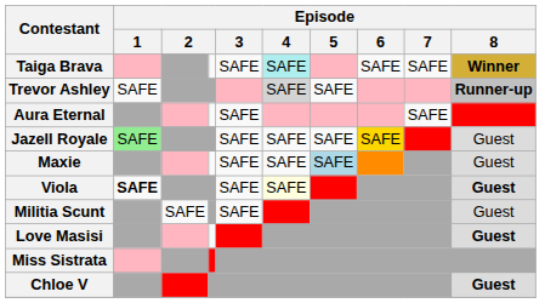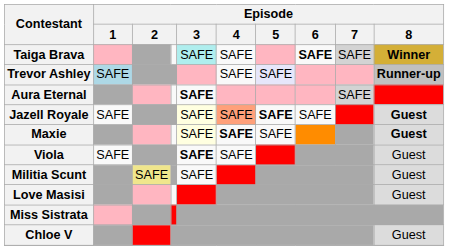 <table class="wikitable" style="text-align:center">
 <tr>
 <th scope="col" rowspan="2">Contestant</th>
 <th scope="col" colspan="10">Episode</th>
 </tr>
 <tr>
 <th scope="col">1</th>
 <th scope="col" colspan="2">2</th>
 <th scope="col">3</th>
 <th scope="col">4</th>
 <th scope="col">5</th>
 <th scope="col">6</th>
 <th scope="col">7</th>
 <th scope="col">8</th>
 </tr>
 <tr>
 <th scope="row">Taiga Brava</th>
 <td bgcolor="lightpink"></td>
 <td bgcolor="darkgray"></td>
 <td></td>
+<td style="background: paleturquoise;">SAFE</td>
 <td>SAFE</td>
-<td style="background: paleturquoise;">SAFE</td>
 <td bgcolor="lightpink"></td>
-<td>SAFE</td>
-<td>SAFE</td>
+<td><strong>SAFE</strong></td>
+<td style="background: lightgrey;">SAFE</td>
 <td bgcolor="#D4AF37"><strong>Winner</strong></td>
 </tr>
 <tr>
 <th scope="row" nowrap>Trevor Ashley</th>
-<td>SAFE</td>
+<td style="background: lightblue;">SAFE</td>
 <td bgcolor="darkgray" colspan="2"></td>
 <td bgcolor="lightpink"></td>
-<td style="background: lightgrey;">SAFE</td>
 <td>SAFE</td>
+<td style="background: lavender;">SAFE</td>
 <td bgcolor="lightpink"></td>
 <td bgcolor="lightpink"></td>
 <td bgcolor="silver" nowrap><strong>Runner-up</strong></td>
 </tr>
 <tr>
 <th scope="row">Aura Eternal</th>
 <td bgcolor="darkgray"></td>
 <td bgcolor="lightpink"></td>
 <td></td>
-<td>SAFE</td>
+<td><strong>SAFE</strong></td>
 <td bgcolor="lightpink"></td>
 <td bgcolor="lightpink"></td>
 <td bgcolor="lightpink"></td>
-<td>SAFE</td>
+<td style="background: lightgrey;">SAFE</td>
 <td bgcolor="red"></td>
 </tr>
 <tr>
 <th scope="row">Jazell Royale</th>
-<td style="background: lightgreen;">SAFE</td>
+<td>SAFE</td>
 <td bgcolor="darkgray" colspan="2"></td>
+<td style="background: lightyellow;">SAFE</td>
+<td style="background: lightsalmon;">SAFE</td>
+<td><strong>SAFE</strong></td>
 <td>SAFE</td>
-<td>SAFE</td>
-<td>SAFE</td>
-<td style="background: gold;">SAFE</td>
 <td bgcolor="red"></td>
-<td bgcolor="gainsboro">Guest</td>
+<td bgcolor="gainsboro"><strong>Guest</strong></td>
 </tr>
 <tr>
 <th scope="row">Maxie</th>
 <td bgcolor="darkgray"></td>
 <td bgcolor="lightpink"></td>
 <td></td>
+<td style="background: lightyellow;">SAFE</td>
+<td><strong>SAFE</strong></td>
 <td>SAFE</td>
-<td>SAFE</td>
-<td style="background: lightblue;">SAFE</td>
 <td bgcolor="#ff8c00"></td>
 <td bgcolor="darkgray"></td>
-<td bgcolor="gainsboro">Guest</td>
+<td bgcolor="gainsboro"><strong>Guest</strong></td>
 </tr>
 <tr>
 <th scope="row">Viola</th>
+<td>SAFE</td>
+<td bgcolor="darkgray" colspan="2"></td>
 <td><strong>SAFE</strong></td>
-<td bgcolor="darkgray" colspan="2"></td>
 <td>SAFE</td>
-<td style="background: lightyellow;">SAFE</td>
 <td bgcolor="red"></td>
 <td bgcolor="darkgray" colspan="2"></td>
-<td bgcolor="gainsboro"><strong>Guest</strong></td>
+<td bgcolor="gainsboro">Guest</td>
 </tr>
 <tr>
 <th scope="row">Militia Scunt</th>
 <td bgcolor="darkgray"></td>
-<td>SAFE</td>
+<td style="background: khaki;">SAFE</td>
 <td bgcolor="darkgray"></td>
 <td>SAFE</td>
 <td bgcolor="red"></td>
 <td bgcolor="darkgray" colspan="3"></td>
 <td bgcolor="gainsboro">Guest</td>
 </tr>
 <tr>
 <th scope="row">Love Masisi</th>
 <td bgcolor="darkgray"></td>
 <td bgcolor="lightpink"></td>
 <td></td>
 <td bgcolor="red"></td>
 <td bgcolor="darkgray" colspan="4"></td>
-<td bgcolor="gainsboro"><strong>Guest</strong></td>
+<td bgcolor="gainsboro">Guest</td>
 </tr>
 <tr>
 <th scope="row">Miss Sistrata</th>
 <td bgcolor="lightpink"></td>
 <td bgcolor="darkgray"></td>
 <td bgcolor="red"></td>
 <td colspan="6" bgcolor="darkgray"></td>
 </tr>
 <tr>
 <th scope="row">Chloe V</th>
 <td bgcolor="darkgray"></td>
 <td bgcolor="red"></td>
 <td bgcolor="darkgray" colspan="6"></td>
-<td bgcolor="gainsboro"><strong>Guest</strong></td>
+<td bgcolor="gainsboro">Guest</td>
 </tr>
 <tr>
 </tr>
 </table>
